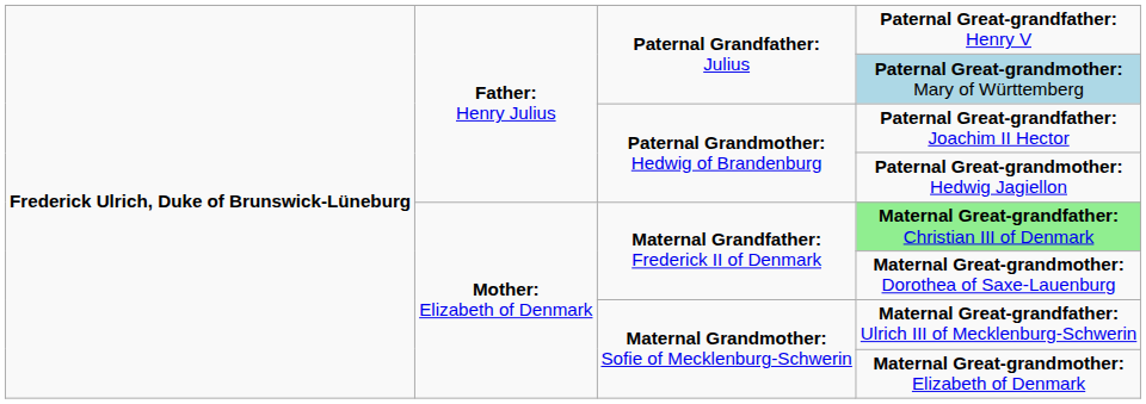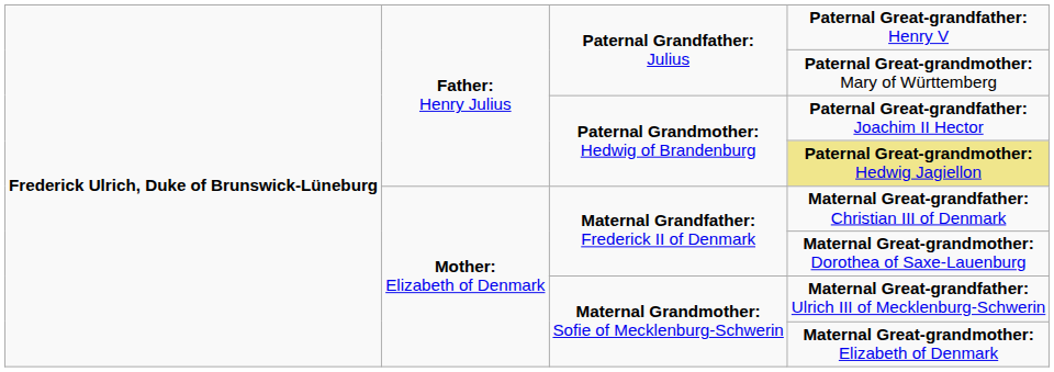 <table class=wikitable>
 <tr>
 </tr>
 <tr>
 <td rowspan=8 align=center><strong>Frederick Ulrich, Duke of Brunswick-Lüneburg</strong></td>
 <td rowspan=4 align=center><strong>Father:</strong><br><a href='#'>Henry Julius</a></td>
 <td rowspan=2 align=center><strong>Paternal Grandfather:</strong><br><a href='#'>Julius</a></td>
 <td align=center><strong>Paternal Great-grandfather:</strong><br><a href='#'>Henry V</a></td>
 </tr>
 <tr>
-<td align=center style="background: lightblue;"><strong>Paternal Great-grandmother:</strong><br>Mary of Württemberg</td>
+<td align=center><strong>Paternal Great-grandmother:</strong><br>Mary of Württemberg</td>
 </tr>
 <tr>
 <td rowspan=2 align=center><strong>Paternal Grandmother:</strong><br><a href='#'>Hedwig of Brandenburg</a></td>
 <td align=center><strong>Paternal Great-grandfather:</strong><br><a href='#'>Joachim II Hector</a></td>
 </tr>
 <tr>
-<td align=center><strong>Paternal Great-grandmother:</strong><br><a href='#'>Hedwig Jagiellon</a></td>
+<td align=center style="background: khaki;"><strong>Paternal Great-grandmother:</strong><br><a href='#'>Hedwig Jagiellon</a></td>
 </tr>
 <tr>
 <td rowspan=4 align=center><strong>Mother:</strong><br><a href='#'>Elizabeth of Denmark</a></td>
 <td rowspan=2 align=center><strong>Maternal Grandfather:</strong><br><a href='#'>Frederick II of Denmark</a></td>
-<td align=center style="background: lightgreen;"><strong>Maternal Great-grandfather:</strong><br><a href='#'>Christian III of Denmark</a></td>
+<td align=center><strong>Maternal Great-grandfather:</strong><br><a href='#'>Christian III of Denmark</a></td>
 </tr>
 <tr>
 <td align=center><strong>Maternal Great-grandmother:</strong><br><a href='#'>Dorothea of Saxe-Lauenburg</a></td>
 </tr>
 <tr>
 <td rowspan=2 align=center><strong>Maternal Grandmother:</strong><br><a href='#'>Sofie of Mecklenburg-Schwerin</a></td>
 <td align=center><strong>Maternal Great-grandfather:</strong><br><a href='#'>Ulrich III of Mecklenburg-Schwerin</a></td>
 </tr>
 <tr>
 <td align=center><strong>Maternal Great-grandmother:</strong><br><a href='#'>Elizabeth of Denmark</a></td>
 </tr>
 </table>
